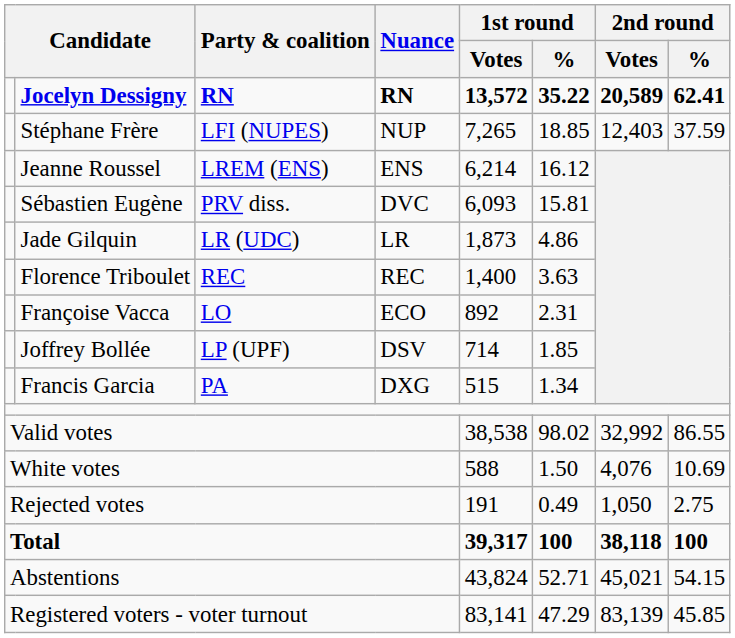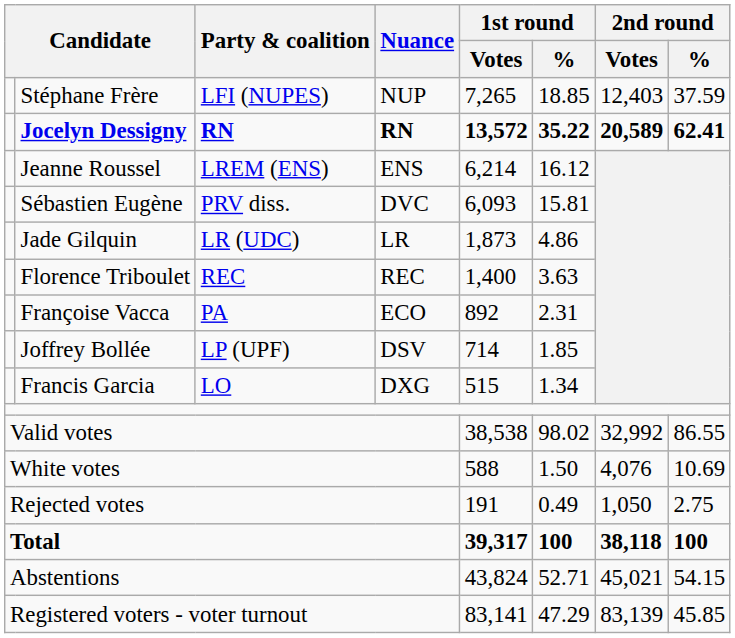 <table class="wikitable">
 <tr>
 <th colspan="2" rowspan="2">Candidate</th>
 <th rowspan="2">Party & coalition</th>
 <th rowspan="2"><a href='#'>Nuance</a></th>
 <th colspan="2">1st round</th>
 <th colspan="2">2nd round</th>
 </tr>
 <tr>
 <th>Votes</th>
 <th>%</th>
 <th>Votes</th>
 <th>%</th>
 </tr>
 <tr>
 <td style="background:"></td>
+<td>Stéphane Frère</td>
+<td><a href='#'>LFI</a> (<a href='#'>NUPES</a>)</td>
+<td>NUP</td>
+<td>7,265</td>
+<td>18.85</td>
+<td>12,403</td>
+<td>37.59</td>
+</tr>
+<tr>
+<td style="background:"></td>
 <td><strong><a href='#'>Jocelyn Dessigny</a></strong></td>
 <td><strong><a href='#'>RN</a></strong></td>
 <td><strong>RN</strong></td>
 <td><strong>13,572</strong></td>
 <td><strong>35.22</strong></td>
 <td><strong>20,589</strong></td>
 <td><strong>62.41</strong></td>
-</tr>
-<tr>
-<td style="background:"></td>
-<td>Stéphane Frère</td>
-<td><a href='#'>LFI</a> (<a href='#'>NUPES</a>)</td>
-<td>NUP</td>
-<td>7,265</td>
-<td>18.85</td>
-<td>12,403</td>
-<td>37.59</td>
 </tr>
 <tr>
 <td style="background:"></td>
 <td>Jeanne Roussel</td>
 <td><a href='#'>LREM</a> (<a href='#'>ENS</a>)</td>
 <td>ENS</td>
 <td>6,214</td>
 <td>16.12</td>
 <th colspan="2" rowspan="7"></th>
 </tr>
 <tr>
 <td style="background:"></td>
 <td>Sébastien Eugène</td>
 <td><a href='#'>PRV</a> <abbr>diss.</abbr></td>
 <td>DVC</td>
 <td>6,093</td>
 <td>15.81</td>
 </tr>
 <tr>
 <td style="background:"></td>
 <td>Jade Gilquin</td>
 <td><a href='#'>LR</a> (<a href='#'>UDC</a>)</td>
 <td>LR</td>
 <td>1,873</td>
 <td>4.86</td>
 </tr>
 <tr>
 <td style="background:"></td>
 <td>Florence Triboulet</td>
 <td><a href='#'>REC</a></td>
 <td>REC</td>
 <td>1,400</td>
 <td>3.63</td>
 </tr>
 <tr>
 <td style="background:"></td>
 <td>Françoise Vacca</td>
-<td><a href='#'>LO</a></td>
+<td><a href='#'>PA</a></td>
 <td>ECO</td>
 <td>892</td>
 <td>2.31</td>
 </tr>
 <tr>
 <td style="background:"></td>
 <td>Joffrey Bollée</td>
 <td><a href='#'>LP</a> (<abbr>UPF</abbr>)</td>
 <td>DSV</td>
 <td>714</td>
 <td>1.85</td>
 </tr>
 <tr>
 <td style="background:"></td>
 <td>Francis Garcia</td>
-<td><a href='#'>PA</a></td>
+<td><a href='#'>LO</a></td>
 <td>DXG</td>
 <td>515</td>
 <td>1.34</td>
 </tr>
 <tr>
 <td colspan="8"></td>
 </tr>
 <tr>
 <td colspan="4">Valid votes</td>
 <td>38,538</td>
 <td>98.02</td>
 <td>32,992</td>
 <td>86.55</td>
 </tr>
 <tr>
 <td colspan="4">White votes</td>
 <td>588</td>
 <td>1.50</td>
 <td>4,076</td>
 <td>10.69</td>
 </tr>
 <tr>
 <td colspan="4">Rejected votes</td>
 <td>191</td>
 <td>0.49</td>
 <td>1,050</td>
 <td>2.75</td>
 </tr>
 <tr>
 <td colspan="4"><strong>Total</strong></td>
 <td><strong>39,317</strong></td>
 <td><strong>100</strong></td>
 <td><strong>38,118</strong></td>
 <td><strong>100</strong></td>
 </tr>
 <tr>
 <td colspan="4">Abstentions</td>
 <td>43,824</td>
 <td>52.71</td>
 <td>45,021</td>
 <td>54.15</td>
 </tr>
 <tr>
 <td colspan="4">Registered voters - voter turnout</td>
 <td>83,141</td>
 <td>47.29</td>
 <td>83,139</td>
 <td>45.85</td>
 </tr>
 </table>
